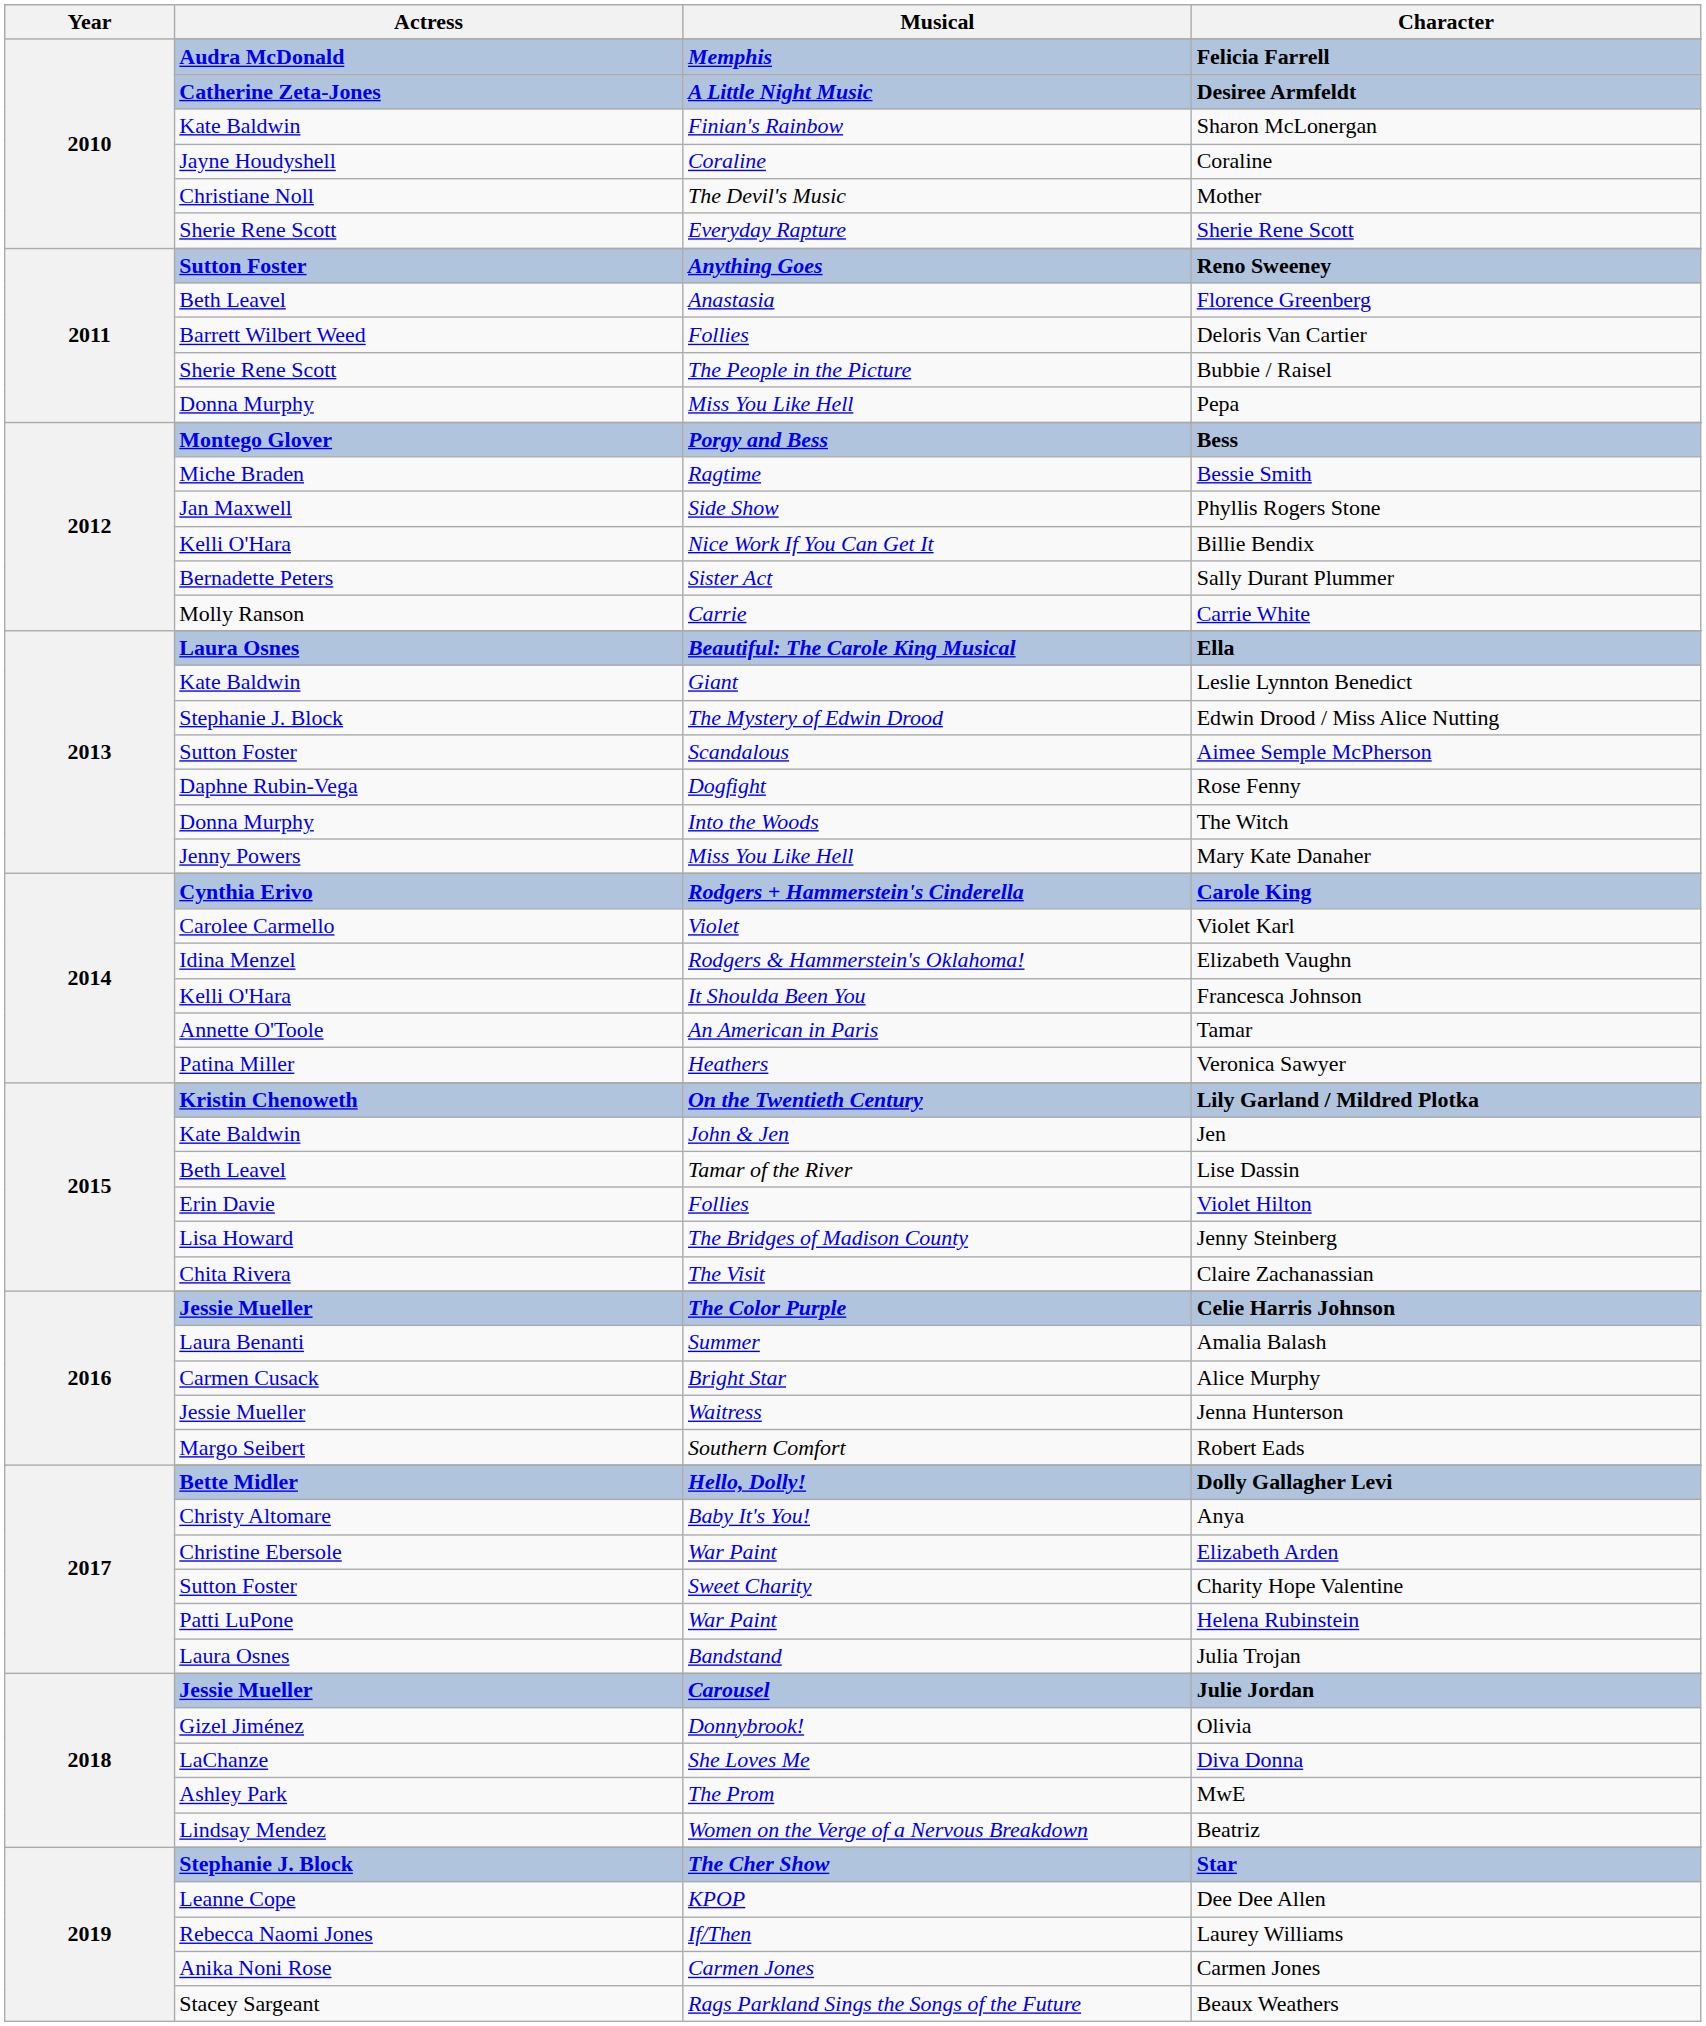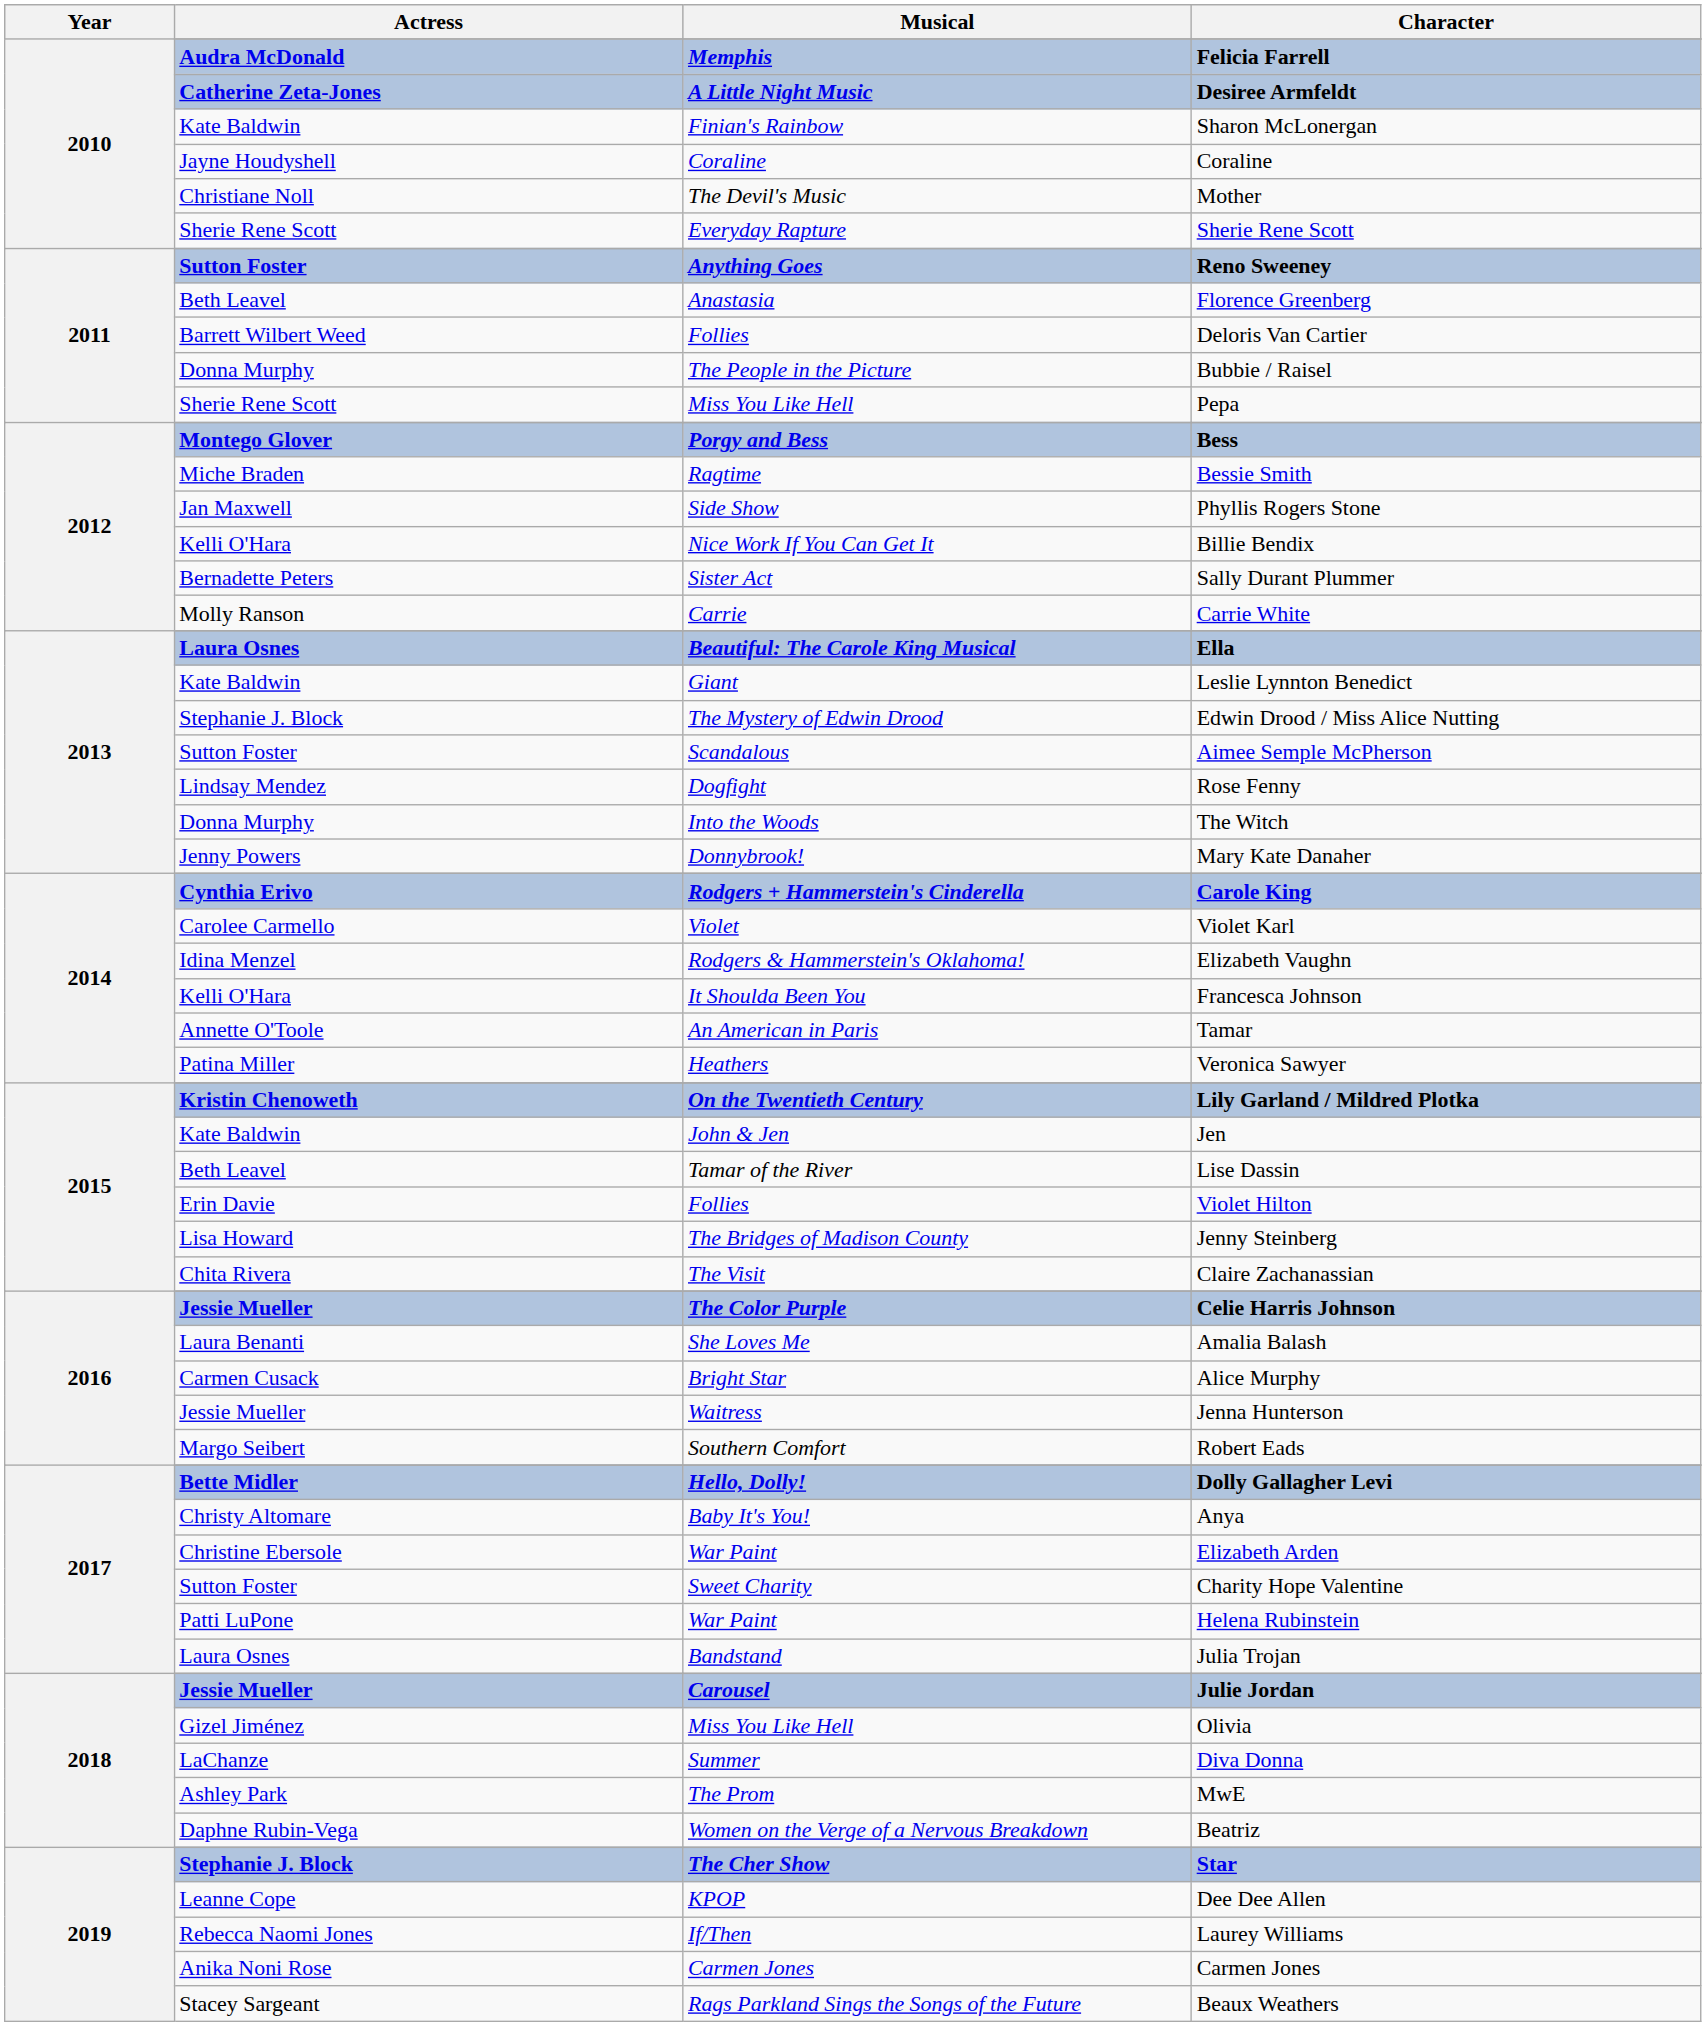 <table class="wikitable" style="width:98%;">
 <tr style="background:#bebebe;">
 <th style="width:10%;">Year</th>
 <th style="width:30%;">Actress</th>
 <th style="width:30%;">Musical</th>
 <th style="width:30%;">Character</th>
 </tr>
 <tr>
 <th rowspan="7">2010</th>
 </tr>
 <tr style="background:#B0C4DE;">
 <td><strong><a href='#'>Audra McDonald</a></strong></td>
 <td><strong><em><a href='#'>Memphis</a></em></strong></td>
 <td><strong>Felicia Farrell </strong></td>
 </tr>
 <tr style="background:#B0C4DE;">
 <td><strong><a href='#'>Catherine Zeta-Jones</a></strong></td>
 <td><strong><em><a href='#'>A Little Night Music</a></em></strong></td>
 <td><strong>Desiree Armfeldt </strong></td>
 </tr>
 <tr>
 <td><a href='#'>Kate Baldwin</a></td>
 <td><em><a href='#'>Finian's Rainbow</a></em></td>
 <td>Sharon McLonergan</td>
 </tr>
 <tr>
 <td><a href='#'>Jayne Houdyshell</a></td>
 <td><em><a href='#'>Coraline</a></em></td>
 <td>Coraline</td>
 </tr>
 <tr>
 <td><a href='#'>Christiane Noll</a></td>
 <td><em>The Devil's Music</em></td>
 <td>Mother</td>
 </tr>
 <tr>
 <td><a href='#'>Sherie Rene Scott</a></td>
 <td><em><a href='#'>Everyday Rapture</a></em></td>
 <td><a href='#'>Sherie Rene Scott</a></td>
 </tr>
 <tr>
 <th rowspan="6">2011</th>
 </tr>
 <tr style="background:#B0C4DE;">
 <td><strong><a href='#'>Sutton Foster</a></strong></td>
 <td><strong><em><a href='#'>Anything Goes</a></em></strong></td>
 <td><strong>Reno Sweeney </strong></td>
 </tr>
 <tr>
 <td><a href='#'>Beth Leavel</a></td>
 <td><em><a href='#'>Anastasia</a></em></td>
 <td><a href='#'>Florence Greenberg</a></td>
 </tr>
 <tr>
 <td><a href='#'>Barrett Wilbert Weed</a></td>
 <td><em><a href='#'>Follies</a></em></td>
 <td>Deloris Van Cartier</td>
 </tr>
 <tr>
-<td><a href='#'>Sherie Rene Scott</a></td>
+<td><a href='#'>Donna Murphy</a></td>
 <td><em><a href='#'>The People in the Picture</a></em></td>
 <td>Bubbie / Raisel</td>
 </tr>
 <tr>
-<td><a href='#'>Donna Murphy</a></td>
+<td><a href='#'>Sherie Rene Scott</a></td>
 <td><em><a href='#'>Miss You Like Hell</a></em></td>
 <td>Pepa</td>
 </tr>
 <tr>
 <th rowspan="7">2012</th>
 </tr>
 <tr style="background:#B0C4DE;">
 <td><strong><a href='#'>Montego Glover</a></strong></td>
 <td><strong><em><a href='#'>Porgy and Bess</a></em></strong></td>
 <td><strong>Bess </strong></td>
 </tr>
 <tr>
 <td><a href='#'>Miche Braden</a></td>
 <td><em><a href='#'>Ragtime</a></em></td>
 <td><a href='#'>Bessie Smith</a></td>
 </tr>
 <tr>
 <td><a href='#'>Jan Maxwell</a></td>
 <td><em><a href='#'>Side Show</a></em></td>
 <td>Phyllis Rogers Stone</td>
 </tr>
 <tr>
 <td><a href='#'>Kelli O'Hara</a></td>
 <td><em><a href='#'>Nice Work If You Can Get It</a></em></td>
 <td>Billie Bendix</td>
 </tr>
 <tr>
 <td><a href='#'>Bernadette Peters</a></td>
 <td><em><a href='#'>Sister Act</a></em></td>
 <td>Sally Durant Plummer</td>
 </tr>
 <tr>
 <td>Molly Ranson</td>
 <td><em><a href='#'>Carrie</a></em></td>
 <td><a href='#'>Carrie White</a></td>
 </tr>
 <tr>
 <th rowspan="8">2013</th>
 </tr>
 <tr style="background:#B0C4DE;">
 <td><strong><a href='#'>Laura Osnes</a></strong></td>
 <td><strong><em><a href='#'>Beautiful: The Carole King Musical</a></em></strong></td>
 <td><strong>Ella </strong></td>
 </tr>
 <tr>
 <td><a href='#'>Kate Baldwin</a></td>
 <td><em><a href='#'>Giant</a></em></td>
 <td>Leslie Lynnton Benedict</td>
 </tr>
 <tr>
 <td><a href='#'>Stephanie J. Block</a></td>
 <td><em><a href='#'>The Mystery of Edwin Drood</a></em></td>
 <td>Edwin Drood / Miss Alice Nutting</td>
 </tr>
 <tr>
 <td><a href='#'>Sutton Foster</a></td>
 <td><em><a href='#'>Scandalous</a></em></td>
 <td><a href='#'>Aimee Semple McPherson</a></td>
 </tr>
 <tr>
-<td><a href='#'>Daphne Rubin-Vega</a></td>
+<td><a href='#'>Lindsay Mendez</a></td>
 <td><em><a href='#'>Dogfight</a></em></td>
 <td>Rose Fenny</td>
 </tr>
 <tr>
 <td><a href='#'>Donna Murphy</a></td>
 <td><em><a href='#'>Into the Woods</a></em></td>
 <td>The Witch</td>
 </tr>
 <tr>
 <td><a href='#'>Jenny Powers</a></td>
-<td><em><a href='#'>Miss You Like Hell</a></em></td>
+<td><em><a href='#'>Donnybrook!</a></em></td>
 <td>Mary Kate Danaher</td>
 </tr>
 <tr>
 <th rowspan="7">2014</th>
 </tr>
 <tr style="background:#B0C4DE;">
 <td><strong><a href='#'>Cynthia Erivo</a></strong></td>
 <td><strong><em><a href='#'>Rodgers + Hammerstein's Cinderella</a></em></strong></td>
 <td><strong><a href='#'>Carole King</a> </strong></td>
 </tr>
 <tr>
 <td><a href='#'>Carolee Carmello</a></td>
 <td><em><a href='#'>Violet</a></em></td>
 <td>Violet Karl</td>
 </tr>
 <tr>
 <td><a href='#'>Idina Menzel</a></td>
 <td><em><a href='#'>Rodgers & Hammerstein's Oklahoma!</a></em></td>
 <td>Elizabeth Vaughn</td>
 </tr>
 <tr>
 <td><a href='#'>Kelli O'Hara</a></td>
 <td><em><a href='#'>It Shoulda Been You</a></em></td>
 <td>Francesca Johnson</td>
 </tr>
 <tr>
 <td><a href='#'>Annette O'Toole</a></td>
 <td><em><a href='#'>An American in Paris</a></em></td>
 <td>Tamar</td>
 </tr>
 <tr>
 <td><a href='#'>Patina Miller</a></td>
 <td><em><a href='#'>Heathers</a></em></td>
 <td>Veronica Sawyer</td>
 </tr>
 <tr>
 <th rowspan="7">2015</th>
 </tr>
 <tr style="background:#B0C4DE;">
 <td><strong><a href='#'>Kristin Chenoweth</a></strong></td>
 <td><strong><em><a href='#'>On the Twentieth Century</a></em></strong></td>
 <td><strong>Lily Garland / Mildred Plotka </strong></td>
 </tr>
 <tr>
 <td><a href='#'>Kate Baldwin</a></td>
 <td><em><a href='#'>John & Jen</a></em></td>
 <td>Jen</td>
 </tr>
 <tr>
 <td><a href='#'>Beth Leavel</a></td>
 <td><em>Tamar of the River</em></td>
 <td>Lise Dassin</td>
 </tr>
 <tr>
 <td><a href='#'>Erin Davie</a></td>
 <td><em><a href='#'>Follies</a></em></td>
 <td><a href='#'>Violet Hilton</a></td>
 </tr>
 <tr>
 <td><a href='#'>Lisa Howard</a></td>
 <td><em><a href='#'>The Bridges of Madison County</a></em></td>
 <td>Jenny Steinberg</td>
 </tr>
 <tr>
 <td><a href='#'>Chita Rivera</a></td>
 <td><em><a href='#'>The Visit</a></em></td>
 <td>Claire Zachanassian</td>
 </tr>
 <tr>
 <th rowspan="6">2016</th>
 </tr>
 <tr style="background:#B0C4DE;">
 <td><strong><a href='#'>Jessie Mueller</a></strong></td>
 <td><strong><em><a href='#'>The Color Purple</a></em></strong></td>
 <td><strong>Celie Harris Johnson </strong></td>
 </tr>
 <tr>
 <td><a href='#'>Laura Benanti</a></td>
-<td><em><a href='#'>Summer</a></em></td>
+<td><em><a href='#'>She Loves Me</a></em></td>
 <td>Amalia Balash</td>
 </tr>
 <tr>
 <td><a href='#'>Carmen Cusack</a></td>
 <td><em><a href='#'>Bright Star</a></em></td>
 <td>Alice Murphy</td>
 </tr>
 <tr>
 <td><a href='#'>Jessie Mueller</a></td>
 <td><em><a href='#'>Waitress</a></em></td>
 <td>Jenna Hunterson</td>
 </tr>
 <tr>
 <td><a href='#'>Margo Seibert</a></td>
 <td><em>Southern Comfort</em></td>
 <td>Robert Eads</td>
 </tr>
 <tr>
 <th rowspan="7">2017</th>
 </tr>
 <tr style="background:#B0C4DE;">
 <td><strong><a href='#'>Bette Midler</a></strong></td>
 <td><strong><em><a href='#'>Hello, Dolly!</a></em></strong></td>
 <td><strong>Dolly Gallagher Levi </strong></td>
 </tr>
 <tr>
 <td><a href='#'>Christy Altomare</a></td>
 <td><em><a href='#'>Baby It's You!</a></em></td>
 <td>Anya</td>
 </tr>
 <tr>
 <td><a href='#'>Christine Ebersole</a></td>
 <td><em><a href='#'>War Paint</a></em></td>
 <td><a href='#'>Elizabeth Arden</a></td>
 </tr>
 <tr>
 <td><a href='#'>Sutton Foster</a></td>
 <td><em><a href='#'>Sweet Charity</a></em></td>
 <td>Charity Hope Valentine</td>
 </tr>
 <tr>
 <td><a href='#'>Patti LuPone</a></td>
 <td><em><a href='#'>War Paint</a></em></td>
 <td><a href='#'>Helena Rubinstein</a></td>
 </tr>
 <tr>
 <td><a href='#'>Laura Osnes</a></td>
 <td><em><a href='#'>Bandstand</a></em></td>
 <td>Julia Trojan</td>
 </tr>
 <tr>
 <th rowspan="6">2018</th>
 </tr>
 <tr style="background:#B0C4DE;">
 <td><strong><a href='#'>Jessie Mueller</a></strong></td>
 <td><strong><em><a href='#'>Carousel</a></em></strong></td>
 <td><strong>Julie Jordan </strong></td>
 </tr>
 <tr>
 <td><a href='#'>Gizel Jiménez</a></td>
-<td><em><a href='#'>Donnybrook!</a></em></td>
+<td><em><a href='#'>Miss You Like Hell</a></em></td>
 <td>Olivia</td>
 </tr>
 <tr>
 <td><a href='#'>LaChanze</a></td>
-<td><em><a href='#'>She Loves Me</a></em></td>
+<td><em><a href='#'>Summer</a></em></td>
 <td><a href='#'>Diva Donna</a></td>
 </tr>
 <tr>
 <td><a href='#'>Ashley Park</a></td>
 <td><em><a href='#'>The Prom</a></em></td>
 <td>MwE</td>
 </tr>
 <tr>
-<td><a href='#'>Lindsay Mendez</a></td>
+<td><a href='#'>Daphne Rubin-Vega</a></td>
 <td><em><a href='#'>Women on the Verge of a Nervous Breakdown</a></em></td>
 <td>Beatriz</td>
 </tr>
 <tr>
 <th rowspan="6">2019</th>
 </tr>
 <tr style="background:#B0C4DE;">
 <td><strong><a href='#'>Stephanie J. Block</a></strong></td>
 <td><strong><em><a href='#'>The Cher Show</a></em></strong></td>
 <td><strong><a href='#'>Star</a> </strong></td>
 </tr>
 <tr>
 <td><a href='#'>Leanne Cope</a></td>
 <td><em><a href='#'>KPOP</a></em></td>
 <td>Dee Dee Allen</td>
 </tr>
 <tr>
 <td><a href='#'>Rebecca Naomi Jones</a></td>
 <td><em><a href='#'>If/Then</a></em></td>
 <td>Laurey Williams</td>
 </tr>
 <tr>
 <td><a href='#'>Anika Noni Rose</a></td>
 <td><em><a href='#'>Carmen Jones</a></em></td>
 <td>Carmen Jones</td>
 </tr>
 <tr>
 <td>Stacey Sargeant</td>
 <td><em><a href='#'>Rags Parkland Sings the Songs of the Future</a></em></td>
 <td>Beaux Weathers</td>
 </tr>
 </table>
